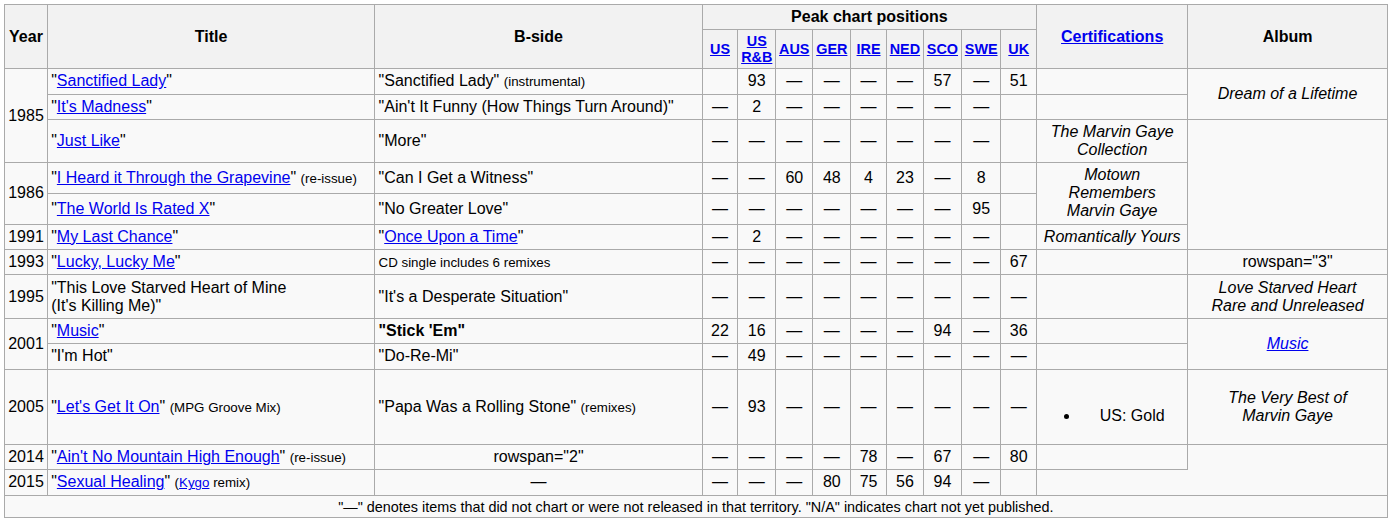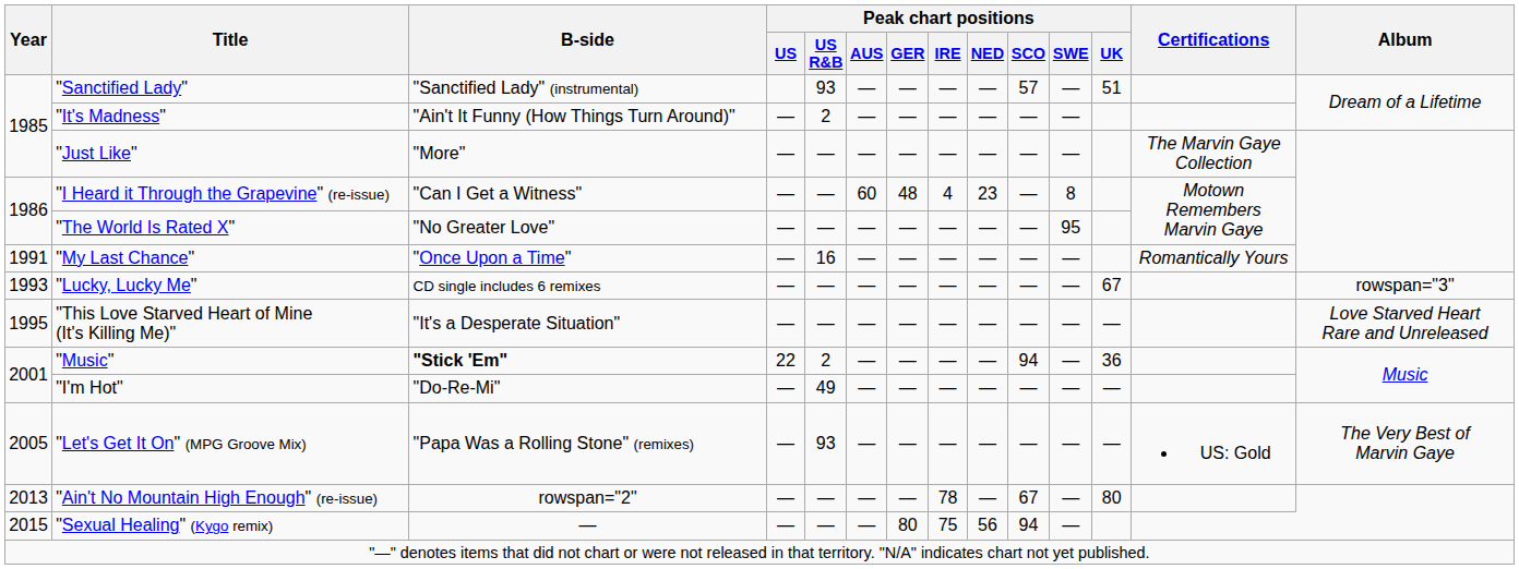 <table class="wikitable" style="text-align:center;">
 <tr>
 <th rowspan="2" style="width:2em;">Year</th>
 <th rowspan="2" style="width:20em;">Title</th>
 <th rowspan="2" style="width:20em;">B-side</th>
 <th colspan="9">Peak chart positions</th>
 <th rowspan="2" style="width:9em;"><a href='#'>Certifications</a></th>
 <th rowspan="2" style="width:12em;">Album</th>
 </tr>
 <tr>
 <th style="width:2em;font-size:90%;"><a href='#'>US</a><br></th>
 <th style="width:2em;font-size:90%;"><a href='#'>US<br>R&B</a><br></th>
 <th style="width:2em;font-size:90%;"><a href='#'>AUS</a><br></th>
 <th style="width:2em;font-size:90%;"><a href='#'>GER</a><br></th>
 <th style="width:2em;font-size:90%;"><a href='#'>IRE</a><br></th>
 <th style="width:2em;font-size:90%;"><a href='#'>NED</a><br></th>
 <th style="width:2em;font-size:90%;"><a href='#'>SCO</a><br></th>
 <th style="width:2em;font-size:90%;"><a href='#'>SWE</a><br></th>
 <th style="width:2em;font-size:90%;"><a href='#'>UK</a><br></th>
 </tr>
 <tr>
 <td rowspan="3">1985</td>
 <td style="text-align:left;">"<a href='#'>Sanctified Lady</a>"</td>
 <td style="text-align:left;">"Sanctified Lady" <small>(instrumental)</small></td>
 <td></td>
 <td>93</td>
 <td>—</td>
 <td>—</td>
 <td>—</td>
 <td>—</td>
 <td>57</td>
 <td>—</td>
 <td>51</td>
 <td></td>
 <td rowspan="2"><em>Dream of a Lifetime</em></td>
 </tr>
 <tr>
 <td style="text-align:left;">"<a href='#'>It's Madness</a>"</td>
 <td style="text-align:left;">"Ain't It Funny (How Things Turn Around)"</td>
 <td>—</td>
 <td>2</td>
 <td>—</td>
 <td>—</td>
 <td>—</td>
 <td>—</td>
 <td>—</td>
 <td>—</td>
 <td></td>
 </tr>
 <tr>
 <td style="text-align:left;">"<a href='#'>Just Like</a>"</td>
 <td style="text-align:left;">"More"</td>
 <td>—</td>
 <td>—</td>
 <td>—</td>
 <td>—</td>
 <td>—</td>
 <td>—</td>
 <td>—</td>
 <td>—</td>
 <td></td>
 <td><em>The Marvin Gaye<br>Collection</em></td>
 </tr>
 <tr>
 <td rowspan="2">1986</td>
 <td style="text-align:left;">"<a href='#'>I Heard it Through the Grapevine</a>" <small>(re-issue)</small></td>
 <td style="text-align:left;">"Can I Get a Witness"</td>
 <td>—</td>
 <td>—</td>
 <td>60</td>
 <td>48</td>
 <td>4</td>
 <td>23</td>
 <td>—</td>
 <td>8</td>
 <td></td>
 <td rowspan="2"><em>Motown Remembers<br>Marvin Gaye</em></td>
 </tr>
 <tr>
 <td style="text-align:left;">"<a href='#'>The World Is Rated X</a>"</td>
 <td style="text-align:left;">"No Greater Love"</td>
 <td>—</td>
 <td>—</td>
 <td>—</td>
 <td>—</td>
 <td>—</td>
 <td>—</td>
 <td>—</td>
 <td>95</td>
 <td></td>
 </tr>
 <tr>
 <td>1991</td>
 <td style="text-align:left;">"<a href='#'>My Last Chance</a>"</td>
 <td style="text-align:left;">"<a href='#'>Once Upon a Time</a>"</td>
 <td>—</td>
-<td>2</td>
+<td>16</td>
 <td>—</td>
 <td>—</td>
 <td>—</td>
 <td>—</td>
 <td>—</td>
 <td>—</td>
 <td></td>
 <td><em>Romantically Yours</em></td>
 </tr>
 <tr>
 <td>1993</td>
 <td style="text-align:left;">"<a href='#'>Lucky, Lucky Me</a>"</td>
 <td style="text-align:left;"><small>CD single includes 6 remixes</small></td>
 <td>—</td>
 <td>—</td>
 <td>—</td>
 <td>—</td>
 <td>—</td>
 <td>—</td>
 <td>—</td>
 <td>—</td>
 <td>67</td>
 <td></td>
 <td>rowspan="3" </td>
 </tr>
 <tr>
 <td>1995</td>
 <td style="text-align:left;">"This Love Starved Heart of Mine<br>(It's Killing Me)"</td>
 <td style="text-align:left;">"It's a Desperate Situation"</td>
 <td>—</td>
 <td>—</td>
 <td>—</td>
 <td>—</td>
 <td>—</td>
 <td>—</td>
 <td>—</td>
 <td>—</td>
 <td>—</td>
 <td></td>
 <td><em>Love Starved Heart<br>Rare and Unreleased</em></td>
 </tr>
 <tr>
 <td rowspan="2">2001</td>
 <td style="text-align:left;">"<a href='#'>Music</a>"</td>
 <td style="text-align:left;"><strong>"Stick 'Em"</strong></td>
 <td>22</td>
-<td>16</td>
+<td>2</td>
 <td>—</td>
 <td>—</td>
 <td>—</td>
 <td>—</td>
 <td>94</td>
 <td>—</td>
 <td>36</td>
 <td></td>
 <td rowspan="2"><em><a href='#'>Music</a></em></td>
 </tr>
 <tr>
 <td style="text-align:left;">"I'm Hot"</td>
 <td style="text-align:left;">"Do-Re-Mi"</td>
 <td>—</td>
 <td>49</td>
 <td>—</td>
 <td>—</td>
 <td>—</td>
 <td>—</td>
 <td>—</td>
 <td>—</td>
 <td>—</td>
 <td></td>
 </tr>
 <tr>
 <td>2005</td>
 <td style="text-align:left;">"<a href='#'>Let's Get It On</a>" <small>(MPG Groove Mix)</small></td>
 <td style="text-align:left;">"Papa Was a Rolling Stone" <small>(remixes)</small></td>
 <td>—</td>
 <td>93</td>
 <td>—</td>
 <td>—</td>
 <td>—</td>
 <td>—</td>
 <td>—</td>
 <td>—</td>
 <td>—</td>
 <td><br><ul><li>US: Gold</li></ul></td>
 <td><em>The Very Best of<br>Marvin Gaye</em></td>
 </tr>
 <tr>
-<td>2014</td>
+<td>2013</td>
 <td style="text-align:left;">"<a href='#'>Ain't No Mountain High Enough</a>" <small>(re-issue)</small></td>
 <td>rowspan="2" </td>
 <td>—</td>
 <td>—</td>
 <td>—</td>
 <td>—</td>
 <td>78</td>
 <td>—</td>
 <td>67</td>
 <td>—</td>
 <td>80</td>
 <td></td>
 </tr>
 <tr>
 <td>2015</td>
 <td style="text-align:left;">"<a href='#'>Sexual Healing</a>" <small>(<a href='#'>Kygo</a> remix)</small></td>
 <td>—</td>
 <td>—</td>
 <td>—</td>
 <td>—</td>
 <td>80</td>
 <td>75</td>
 <td>56</td>
 <td>94</td>
 <td>—</td>
 <td></td>
 </tr>
 <tr>
 <td colspan="15" style="font-size:90%">"—" denotes items that did not chart or were not released in that territory. "N/A" indicates chart not yet published.</td>
 </tr>
 </table>
